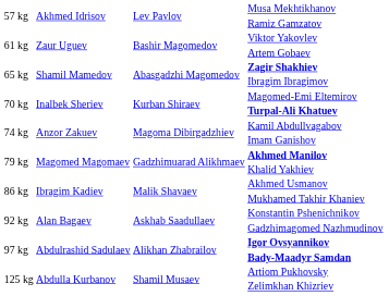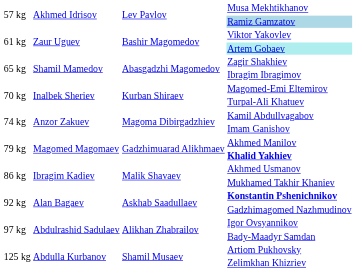 <table>
 <tr>
 <td rowspan=2>57 kg<br></td>
 <td rowspan=2> <a href='#'>Akhmed Idrisov</a></td>
 <td rowspan=2> <a href='#'>Lev Pavlov</a></td>
 <td> <a href='#'>Musa Mekhtikhanov</a></td>
 </tr>
 <tr>
-<td> <a href='#'>Ramiz Gamzatov</a></td>
+<td style="background: lightblue;"> <a href='#'>Ramiz Gamzatov</a></td>
 </tr>
 <tr>
 <td rowspan=2>61 kg<br></td>
 <td rowspan=2> <a href='#'>Zaur Uguev</a></td>
 <td rowspan=2> <a href='#'>Bashir Magomedov</a></td>
 <td> <a href='#'>Viktor Yakovlev</a></td>
 </tr>
 <tr>
-<td> <a href='#'>Artem Gobaev</a></td>
+<td style="background: paleturquoise;"> <a href='#'>Artem Gobaev</a></td>
 </tr>
 <tr>
 <td rowspan=2>65 kg<br></td>
 <td rowspan=2> <a href='#'>Shamil Mamedov</a></td>
 <td rowspan=2> <a href='#'>Abasgadzhi Magomedov</a></td>
-<td><strong> <a href='#'>Zagir Shakhiev</a></strong></td>
+<td> <a href='#'>Zagir Shakhiev</a></td>
 </tr>
 <tr>
 <td> <a href='#'>Ibragim Ibragimov</a></td>
 </tr>
 <tr>
 <td rowspan=2>70 kg<br></td>
 <td rowspan=2> <a href='#'>Inalbek Sheriev</a></td>
 <td rowspan=2> <a href='#'>Kurban Shiraev</a></td>
 <td> <a href='#'>Magomed-Emi Eltemirov</a></td>
 </tr>
 <tr>
-<td><strong> <a href='#'>Turpal-Ali Khatuev</a></strong></td>
+<td> <a href='#'>Turpal-Ali Khatuev</a></td>
 </tr>
 <tr>
 <td rowspan=2>74 kg<br></td>
 <td rowspan=2> <a href='#'>Anzor Zakuev</a></td>
 <td rowspan=2> <a href='#'>Magoma Dibirgadzhiev</a></td>
 <td> <a href='#'>Kamil Abdullvagabov</a></td>
 </tr>
 <tr>
 <td> <a href='#'>Imam Ganishov</a></td>
 </tr>
 <tr>
 <td rowspan=2>79 kg<br></td>
 <td rowspan=2> <a href='#'>Magomed Magomaev</a></td>
 <td rowspan=2> <a href='#'>Gadzhimuarad Alikhmaev</a></td>
-<td><strong> <a href='#'>Akhmed Manilov</a></strong></td>
+<td> <a href='#'>Akhmed Manilov</a></td>
 </tr>
 <tr>
-<td> <a href='#'>Khalid Yakhiev</a></td>
+<td><strong> <a href='#'>Khalid Yakhiev</a></strong></td>
 </tr>
 <tr>
 <td rowspan=2>86 kg<br></td>
 <td rowspan=2> <a href='#'>Ibragim Kadiev</a></td>
 <td rowspan=2> <a href='#'>Malik Shavaev</a></td>
 <td> <a href='#'>Akhmed Usmanov</a></td>
 </tr>
 <tr>
 <td> <a href='#'>Mukhamed Takhir Khaniev</a></td>
 </tr>
 <tr>
 <td rowspan=2>92 kg<br></td>
 <td rowspan=2> <a href='#'>Alan Bagaev</a></td>
 <td rowspan=2> <a href='#'>Askhab Saadullaev</a></td>
-<td> <a href='#'>Konstantin Pshenichnikov</a></td>
+<td><strong> <a href='#'>Konstantin Pshenichnikov</a></strong></td>
 </tr>
 <tr>
 <td> <a href='#'>Gadzhimagomed Nazhmudinov</a></td>
 </tr>
 <tr>
 <td rowspan=2>97 kg<br></td>
 <td rowspan=2> <a href='#'>Abdulrashid Sadulaev</a></td>
 <td rowspan=2> <a href='#'>Alikhan Zhabrailov</a></td>
-<td><strong> <a href='#'>Igor Ovsyannikov</a></strong></td>
+<td> <a href='#'>Igor Ovsyannikov</a></td>
 </tr>
 <tr>
-<td><strong> <a href='#'>Bady-Maadyr Samdan</a></strong></td>
+<td> <a href='#'>Bady-Maadyr Samdan</a></td>
 </tr>
 <tr>
 <td rowspan=2>125 kg<br></td>
 <td rowspan=2> <a href='#'>Abdulla Kurbanov</a></td>
 <td rowspan=2> <a href='#'>Shamil Musaev</a></td>
 <td> <a href='#'>Artiom Pukhovsky</a></td>
 </tr>
 <tr>
 <td> <a href='#'>Zelimkhan Khizriev</a></td>
 </tr>
 </table>
